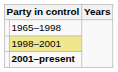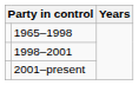 <table class="wikitable">
 <tr>
 <th colspan=2>Party in control</th>
 <th>Years</th>
 </tr>
 <tr>
 <td></td>
 <td>1965–1998</td>
 </tr>
 <tr>
 <td></td>
-<td style="background: khaki;">1998–2001</td>
+<td>1998–2001</td>
 </tr>
 <tr>
 <td></td>
-<td><strong>2001–present</strong></td>
+<td>2001–present</td>
 </tr>
 </table>
